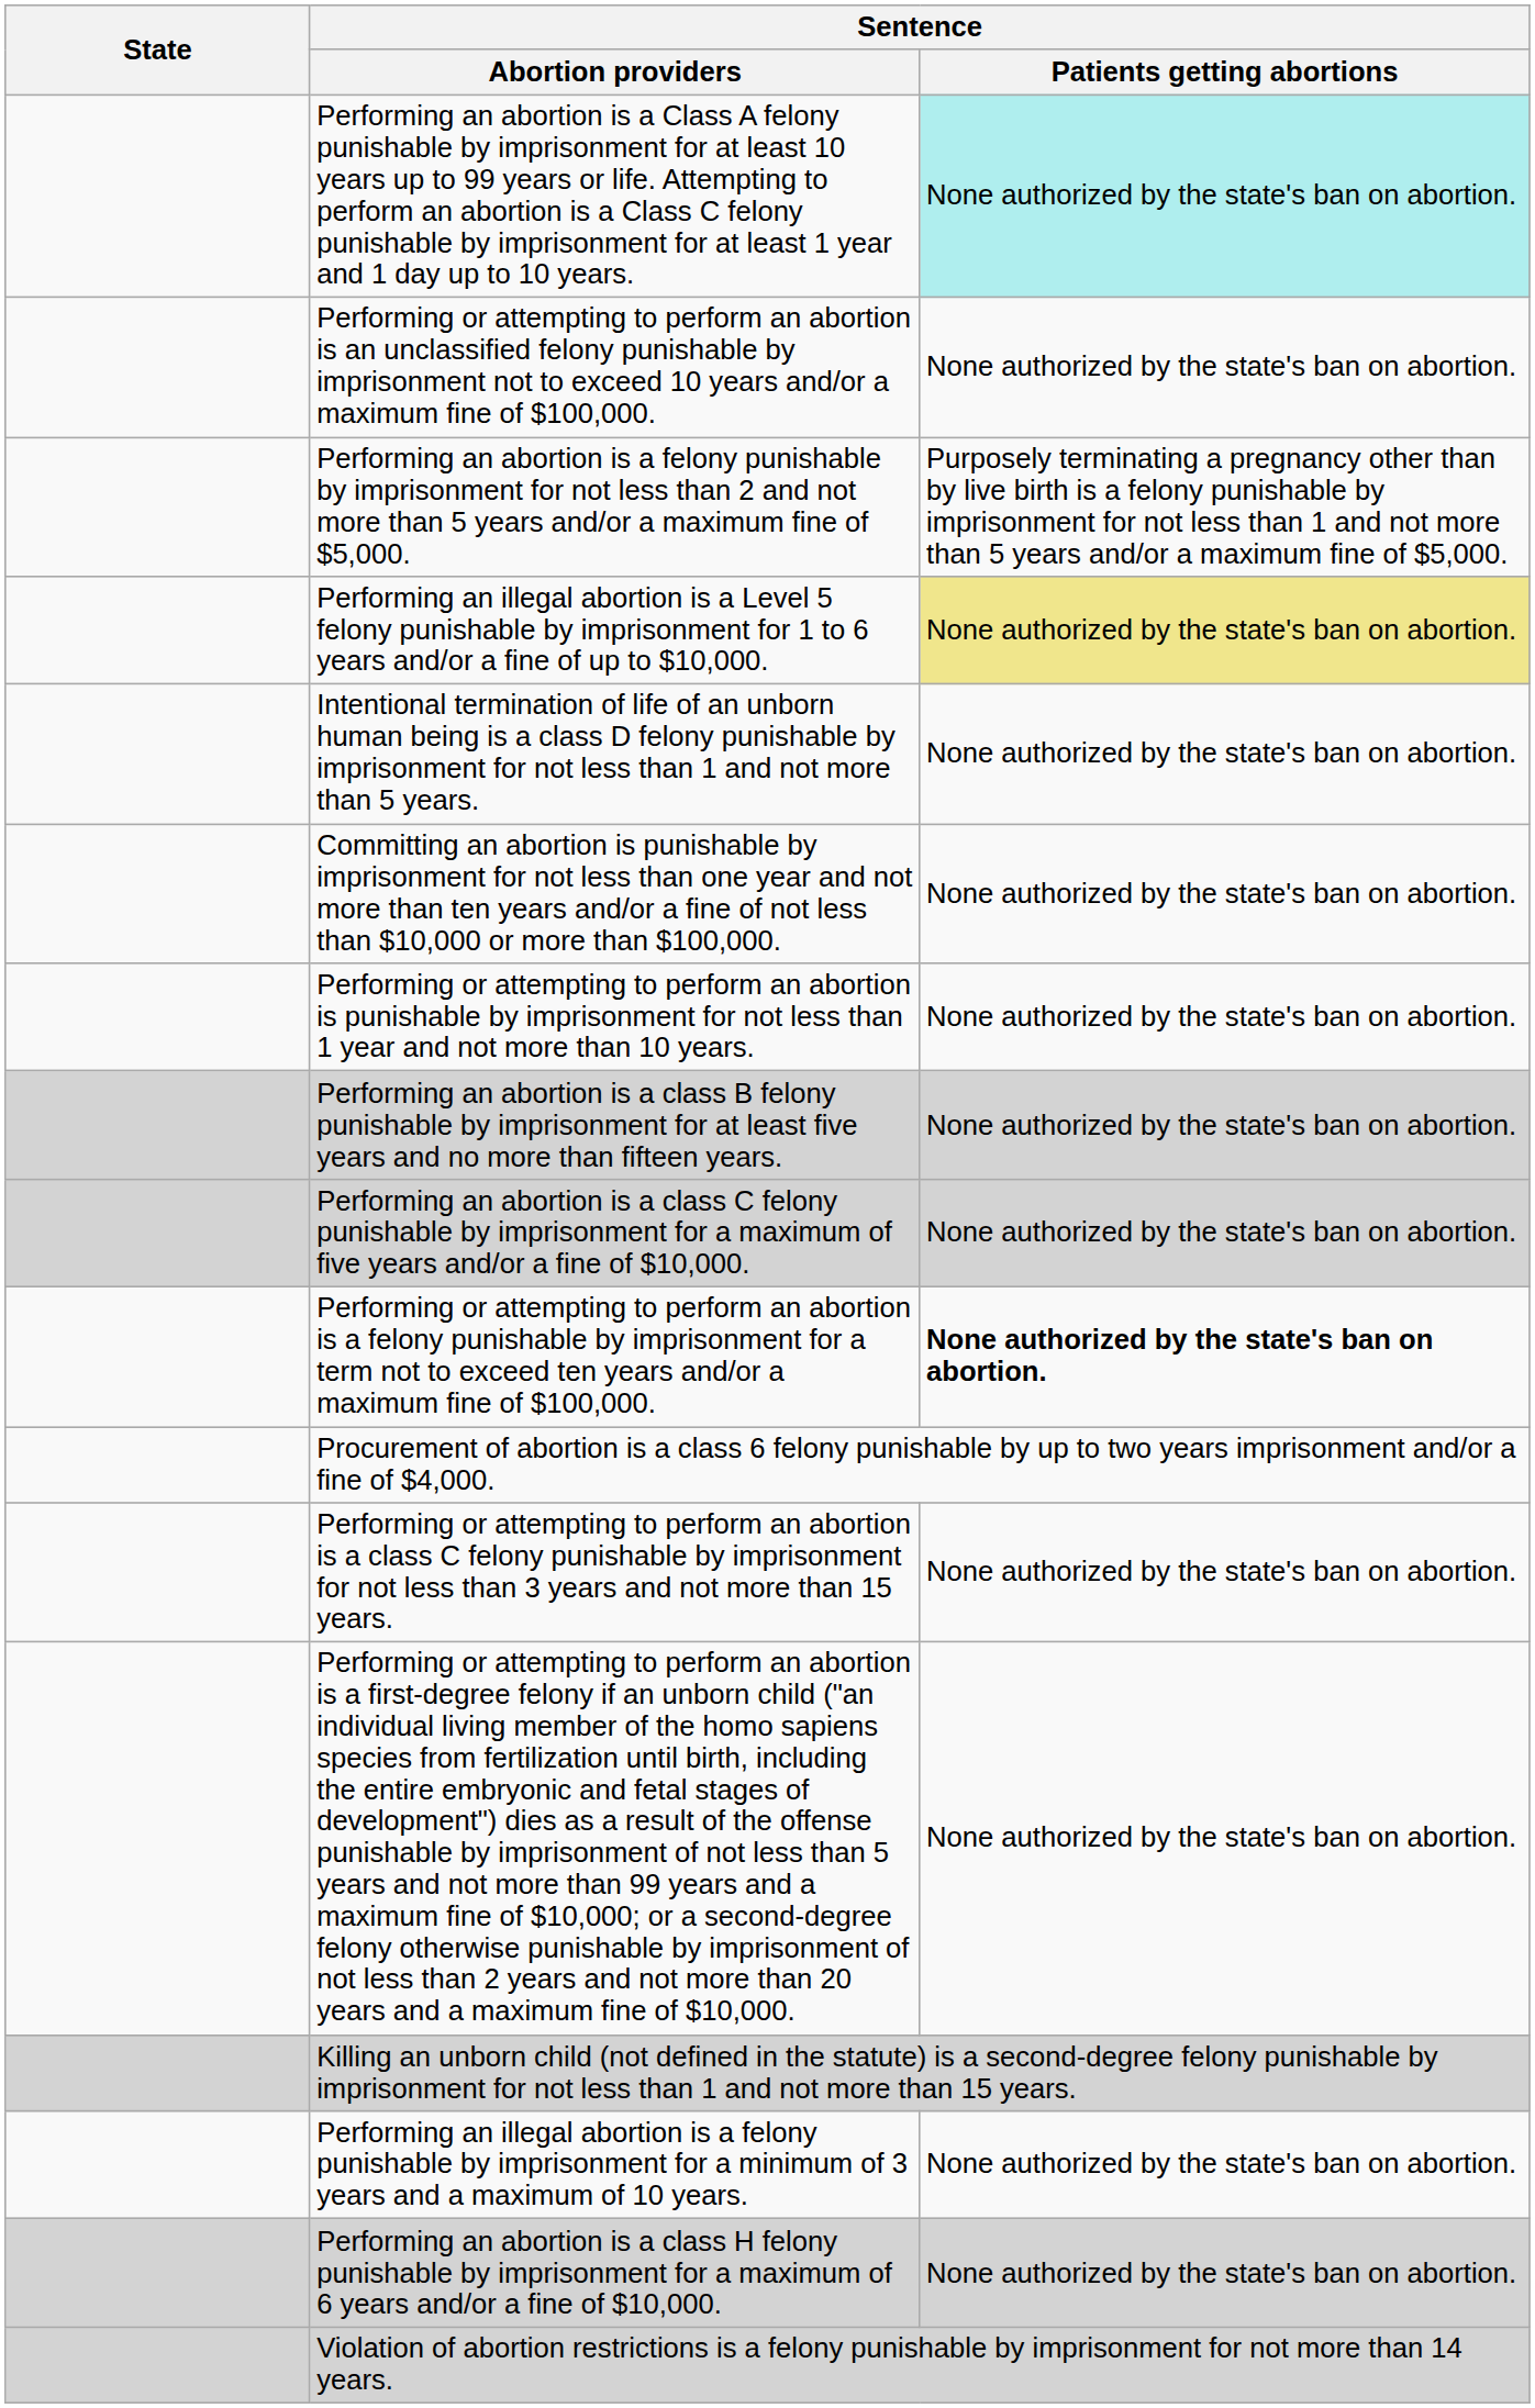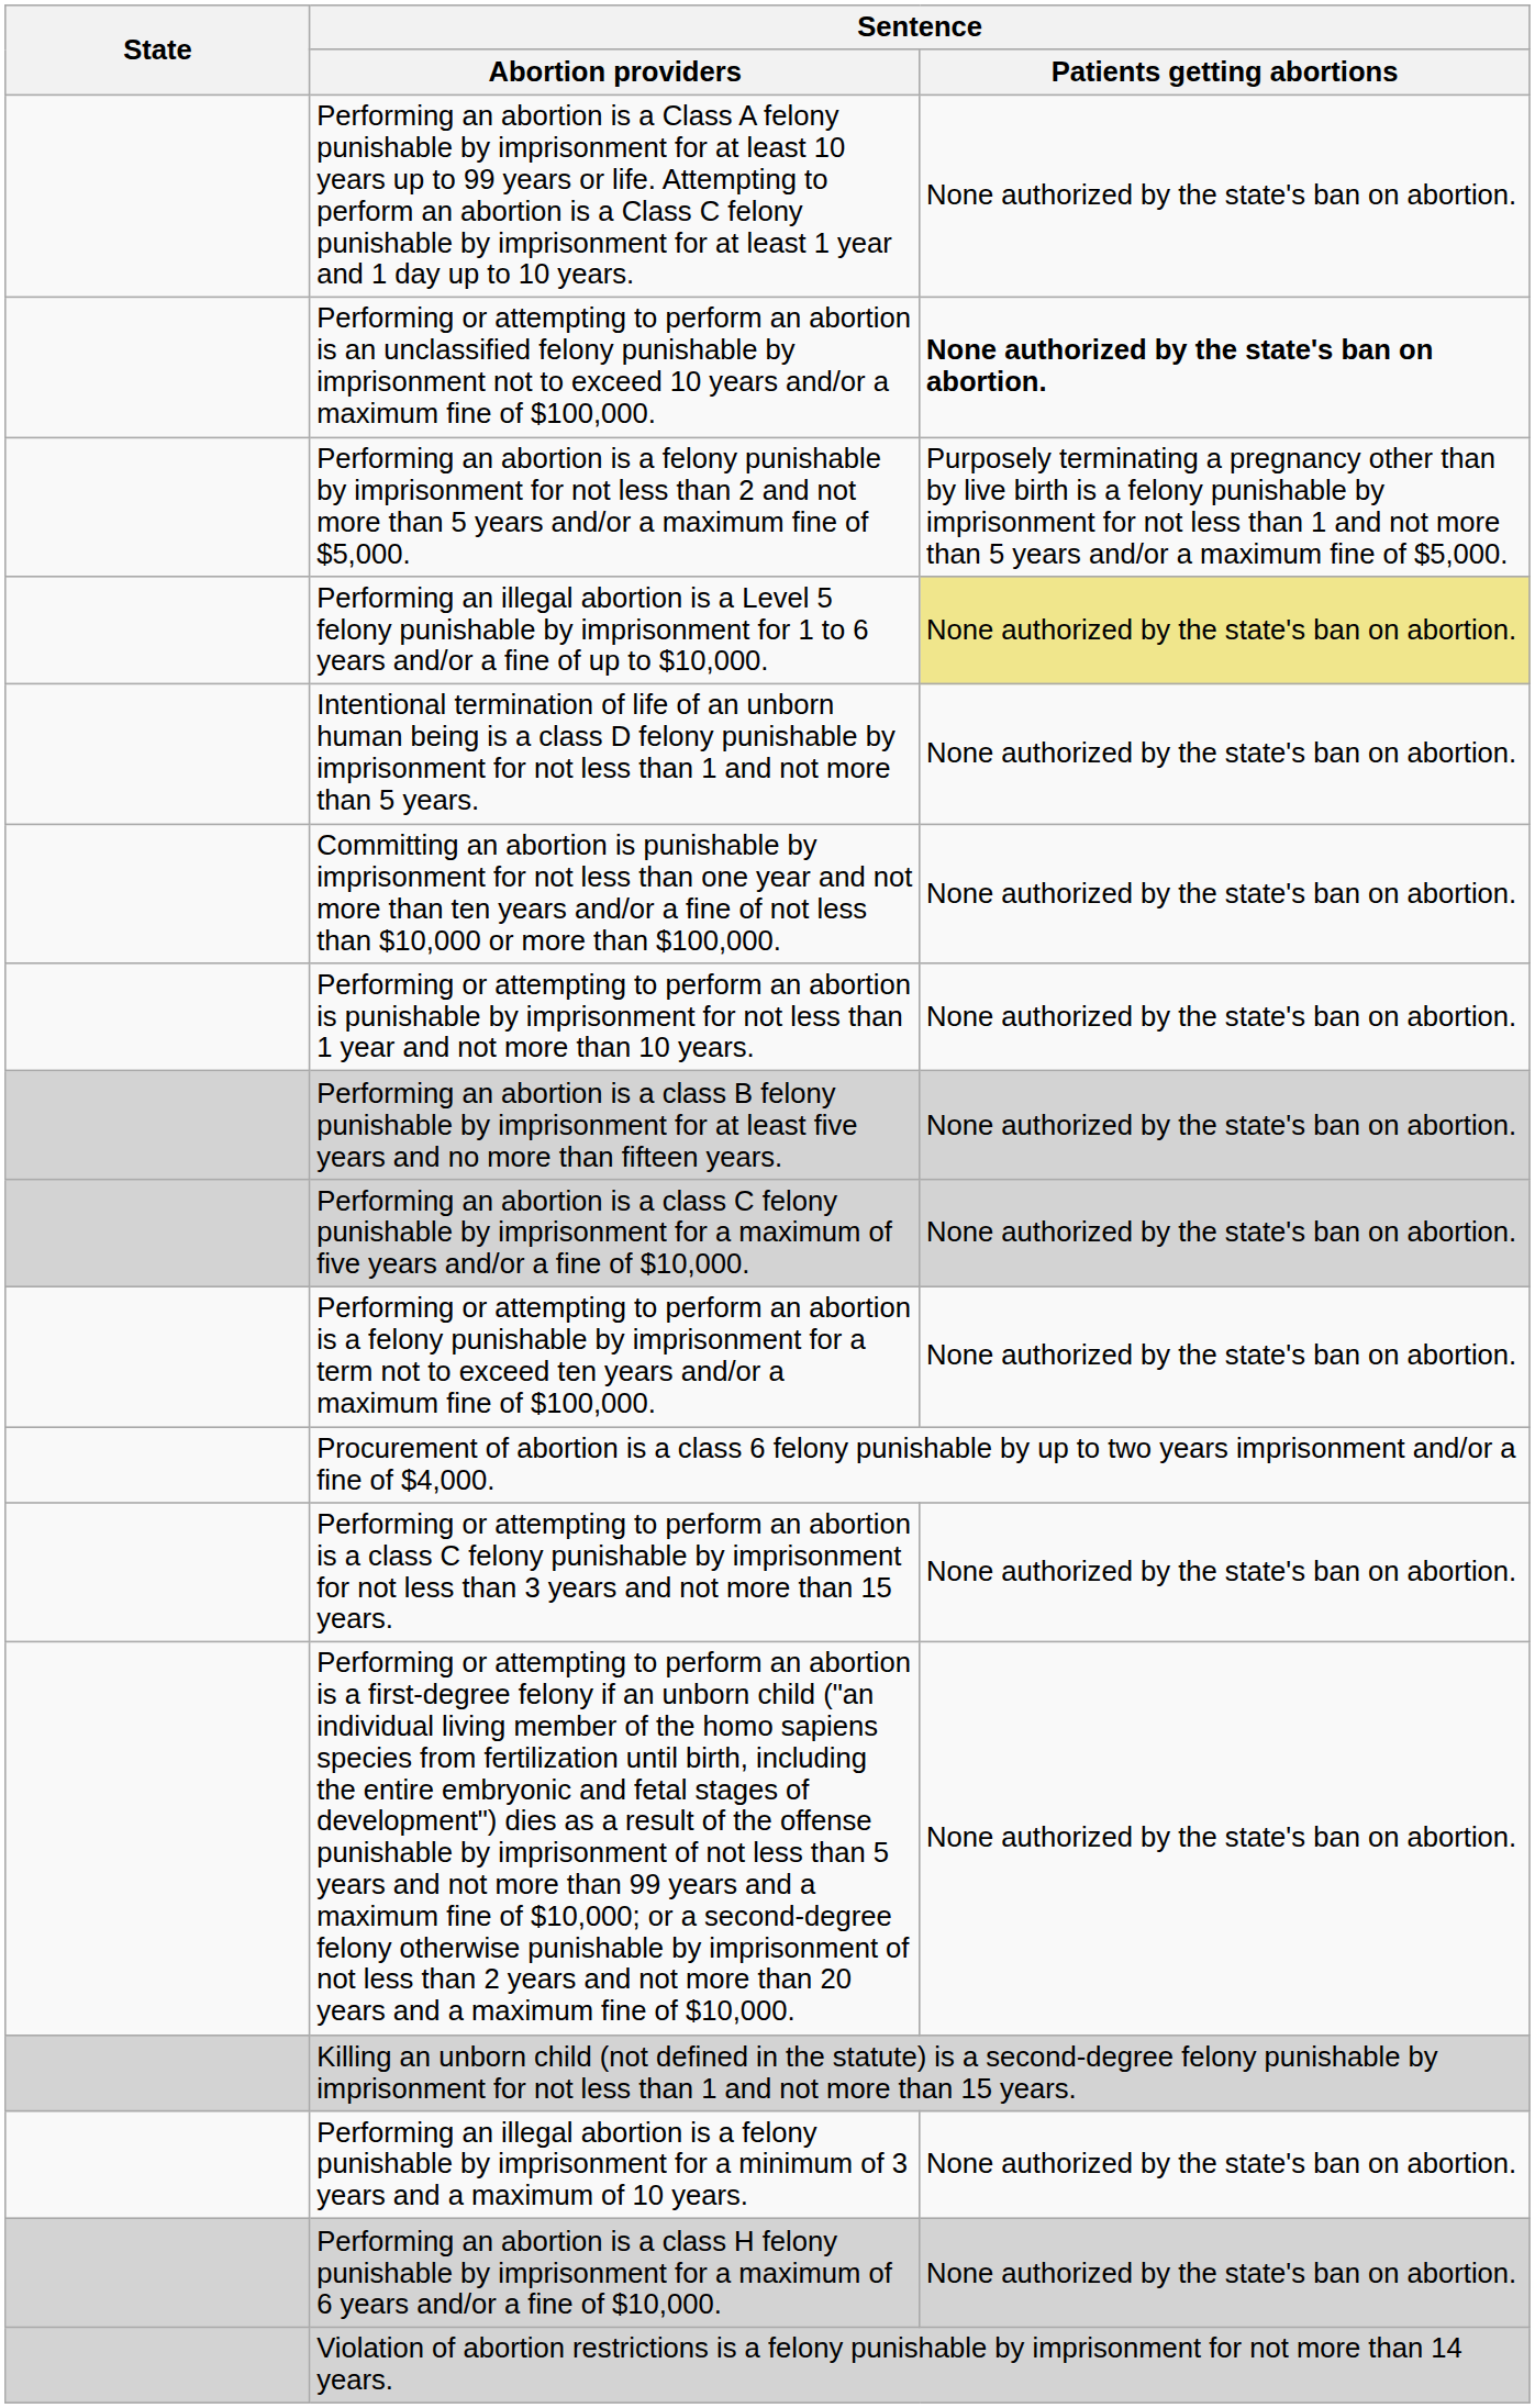 <table class="wikitable">
 <tr>
 <th rowspan=2>State</th>
 <th colspan=2>Sentence</th>
 </tr>
 <tr>
 <th width=40%>Abortion providers</th>
 <th width=40%>Patients getting abortions</th>
 </tr>
 <tr>
 <td></td>
 <td>Performing an abortion is a Class A felony punishable by imprisonment for at least 10 years up to 99 years or life. Attempting to perform an abortion is a Class C felony punishable by imprisonment for at least 1 year and 1 day up to 10 years.</td>
-<td style="background: paleturquoise;">None authorized by the state's ban on abortion.</td>
+<td>None authorized by the state's ban on abortion.</td>
 </tr>
 <tr>
 <td></td>
 <td>Performing or attempting to perform an abortion is an unclassified felony punishable by imprisonment not to exceed 10 years and/or a maximum fine of $100,000.</td>
-<td>None authorized by the state's ban on abortion.</td>
+<td><strong>None authorized by the state's ban on abortion.</strong></td>
 </tr>
 <tr>
 <td></td>
 <td>Performing an abortion is a felony punishable by imprisonment for not less than 2 and not more than 5 years and/or a maximum fine of $5,000.</td>
 <td>Purposely terminating a pregnancy other than by live birth is a felony punishable by imprisonment for not less than 1 and not more than 5 years and/or a maximum fine of $5,000.</td>
 </tr>
 <tr>
 <td></td>
 <td>Performing an illegal abortion is a Level 5 felony punishable by imprisonment for 1 to 6 years and/or a fine of up to $10,000.</td>
 <td style="background: khaki;">None authorized by the state's ban on abortion.</td>
 </tr>
 <tr>
 <td></td>
 <td>Intentional termination of life of an unborn human being is a class D felony punishable by imprisonment for not less than 1 and not more than 5 years.</td>
 <td>None authorized by the state's ban on abortion.</td>
 </tr>
 <tr>
 <td></td>
 <td>Committing an abortion is punishable by imprisonment for not less than one year and not more than ten years and/or a fine of not less than $10,000 or more than $100,000.</td>
 <td>None authorized by the state's ban on abortion.</td>
 </tr>
 <tr>
 <td></td>
 <td>Performing or attempting to perform an abortion is punishable by imprisonment for not less than 1 year and not more than 10 years.</td>
 <td>None authorized by the state's ban on abortion.</td>
 </tr>
 <tr style="background-color: lightgrey;">
 <td></td>
 <td>Performing an abortion is a class B felony punishable by imprisonment for at least five years and no more than fifteen years.</td>
 <td>None authorized by the state's ban on abortion.</td>
 </tr>
 <tr style="background-color: lightgrey;">
 <td></td>
 <td>Performing an abortion is a class C felony punishable by imprisonment for a maximum of five years and/or a fine of $10,000.</td>
 <td>None authorized by the state's ban on abortion.</td>
 </tr>
 <tr>
 <td></td>
 <td>Performing or attempting to perform an abortion is a felony punishable by imprisonment for a term not to exceed ten years and/or a maximum fine of $100,000.</td>
-<td><strong>None authorized by the state's ban on abortion.</strong></td>
+<td>None authorized by the state's ban on abortion.</td>
 </tr>
 <tr>
 <td></td>
 <td colspan="2">Procurement of abortion is a class 6 felony punishable by up to two years imprisonment and/or a fine of $4,000.</td>
 </tr>
 <tr>
 <td></td>
 <td>Performing or attempting to perform an abortion is a class C felony punishable by imprisonment for not less than 3 years and not more than 15 years.</td>
 <td>None authorized by the state's ban on abortion.</td>
 </tr>
 <tr>
 <td></td>
 <td>Performing or attempting to perform an abortion is a first-degree felony if an unborn child ("an individual living member of the homo sapiens species from fertilization until birth, including the entire embryonic and fetal stages of development") dies as a result of the offense punishable by imprisonment of not less than 5 years and not more than 99 years and a maximum fine of $10,000; or a second-degree felony otherwise punishable by imprisonment of not less than 2 years and not more than 20 years and a maximum fine of $10,000.</td>
 <td>None authorized by the state's ban on abortion.</td>
 </tr>
 <tr style="background-color: lightgrey;">
 <td></td>
 <td colspan="2">Killing an unborn child (not defined in the statute) is a second-degree felony punishable by imprisonment for not less than 1 and not more than 15 years.</td>
 </tr>
 <tr>
 <td></td>
 <td>Performing an illegal abortion is a felony punishable by imprisonment for a minimum of 3 years and a maximum of 10 years.</td>
 <td>None authorized by the state's ban on abortion.</td>
 </tr>
 <tr style="background-color: lightgrey;">
 <td></td>
 <td>Performing an abortion is a class  H felony punishable by imprisonment for a maximum of 6 years and/or a fine of $10,000.</td>
 <td>None authorized by the state's ban on abortion.</td>
 </tr>
 <tr style="background-color: lightgrey;">
 <td></td>
 <td colspan="2">Violation of abortion restrictions is a felony punishable by imprisonment for not more than 14 years.</td>
 </tr>
 </table>
